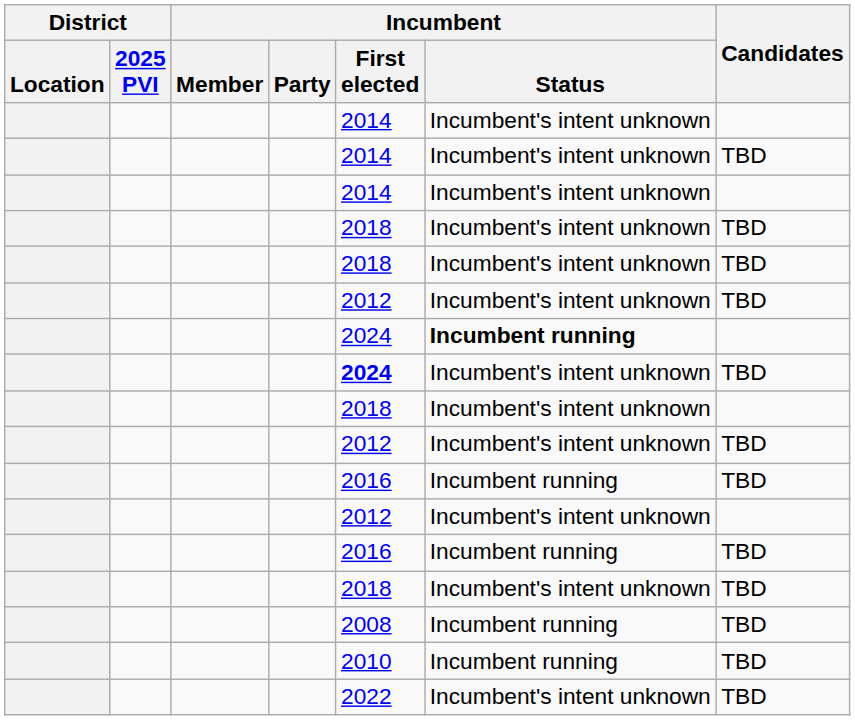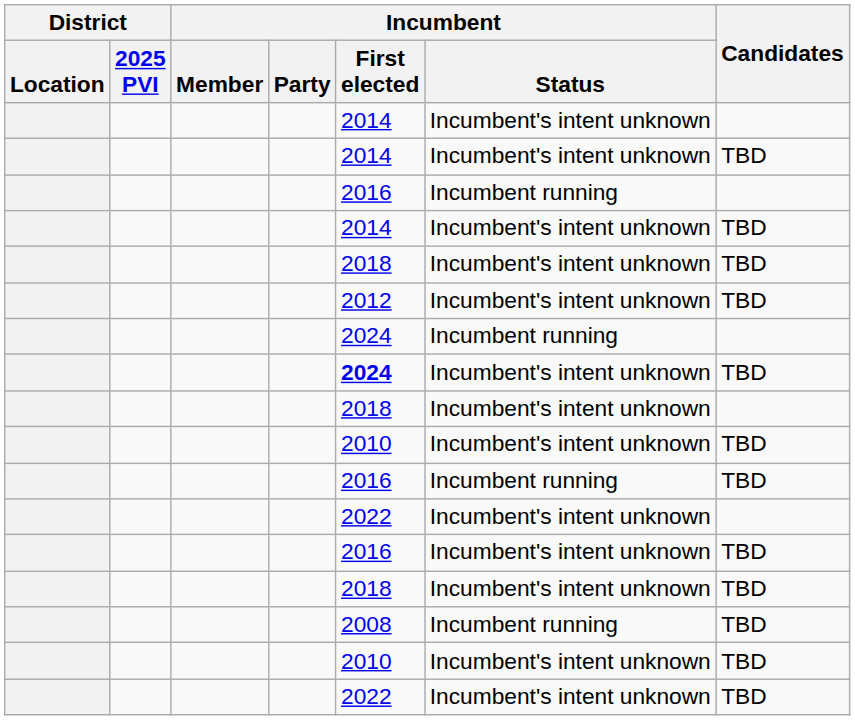 <table class="wikitable sortable">
 <tr>
 <th colspan=2>District</th>
 <th colspan=4>Incumbent</th>
 <th rowspan=2 class="unsortable">Candidates</th>
 </tr>
 <tr valign=bottom>
 <th>Location</th>
 <th><a href='#'>2025<br>PVI</a></th>
 <th>Member</th>
 <th>Party</th>
 <th>First<br>elected</th>
 <th>Status</th>
 </tr>
 <tr>
 <th></th>
 <td></td>
 <td></td>
 <td></td>
 <td><a href='#'>2014</a></td>
 <td>Incumbent's intent unknown</td>
 <td></td>
 </tr>
 <tr>
 <th></th>
 <td></td>
 <td></td>
 <td></td>
 <td><a href='#'>2014</a></td>
 <td>Incumbent's intent unknown</td>
 <td>TBD</td>
 </tr>
 <tr>
 <th></th>
 <td></td>
 <td></td>
 <td></td>
-<td><a href='#'>2014 </a></td>
-<td>Incumbent's intent unknown</td>
+<td><a href='#'>2016 </a></td>
+<td>Incumbent running</td>
 <td></td>
 </tr>
 <tr>
 <th></th>
 <td></td>
 <td></td>
 <td></td>
-<td><a href='#'>2018</a></td>
+<td><a href='#'>2014</a></td>
 <td>Incumbent's intent unknown</td>
 <td>TBD</td>
 </tr>
 <tr>
 <th></th>
 <td></td>
 <td></td>
 <td></td>
 <td><a href='#'>2018 </a></td>
 <td>Incumbent's intent unknown</td>
 <td>TBD</td>
 </tr>
 <tr>
 <th></th>
 <td></td>
 <td></td>
 <td></td>
 <td><a href='#'>2012</a></td>
 <td>Incumbent's intent unknown</td>
 <td>TBD</td>
 </tr>
 <tr>
 <th></th>
 <td></td>
 <td></td>
 <td></td>
 <td><a href='#'>2024</a></td>
-<td><strong>Incumbent running</strong></td>
+<td>Incumbent running</td>
 <td></td>
 </tr>
 <tr>
 <th></th>
 <td></td>
 <td></td>
 <td></td>
 <td><strong><a href='#'>2024</a></strong></td>
 <td>Incumbent's intent unknown</td>
 <td>TBD</td>
 </tr>
 <tr>
 <th></th>
 <td></td>
 <td></td>
 <td></td>
 <td><a href='#'>2018</a></td>
 <td>Incumbent's intent unknown</td>
 <td></td>
 </tr>
 <tr>
 <th></th>
 <td></td>
 <td></td>
 <td></td>
-<td><a href='#'>2012</a></td>
+<td><a href='#'>2010</a></td>
 <td>Incumbent's intent unknown</td>
 <td>TBD</td>
 </tr>
 <tr>
 <th></th>
 <td></td>
 <td></td>
 <td></td>
 <td><a href='#'>2016</a></td>
 <td>Incumbent running</td>
 <td>TBD</td>
 </tr>
 <tr>
 <th></th>
 <td></td>
 <td></td>
 <td></td>
-<td><a href='#'>2012</a></td>
+<td><a href='#'>2022</a></td>
 <td>Incumbent's intent unknown</td>
 <td></td>
 </tr>
 <tr>
 <th></th>
 <td></td>
 <td></td>
 <td></td>
 <td><a href='#'>2016</a></td>
-<td>Incumbent running</td>
+<td>Incumbent's intent unknown</td>
 <td>TBD</td>
 </tr>
 <tr>
 <th></th>
 <td></td>
 <td></td>
 <td></td>
 <td><a href='#'>2018</a></td>
 <td>Incumbent's intent unknown</td>
 <td>TBD</td>
 </tr>
 <tr>
 <th></th>
 <td></td>
 <td></td>
 <td></td>
 <td><a href='#'>2008</a></td>
 <td>Incumbent running</td>
 <td>TBD</td>
 </tr>
 <tr>
 <th></th>
 <td></td>
 <td></td>
 <td></td>
 <td><a href='#'>2010</a></td>
-<td>Incumbent running</td>
+<td>Incumbent's intent unknown</td>
 <td>TBD</td>
 </tr>
 <tr>
 <th></th>
 <td></td>
 <td></td>
 <td></td>
 <td><a href='#'>2022</a></td>
 <td>Incumbent's intent unknown</td>
 <td>TBD</td>
 </tr>
 </table>
